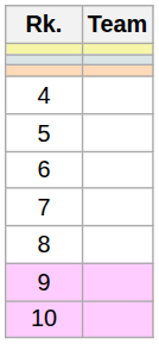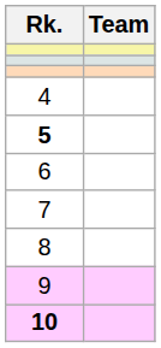 <table class="wikitable" style="border:1px solid #AAAAAA;font-size:90%">
 <tr bgcolor="#E4E4E4">
 <th style="border-bottom:1px solid #AAAAAA" width=40>Rk.</th>
 <th style="border-bottom:1px solid #AAAAAA">Team</th>
 </tr>
 <tr bgcolor="#F7F6A8">
 <td align="center"></td>
 <td></td>
 </tr>
 <tr bgcolor="#DCE5E5">
 <td align="center"></td>
 <td></td>
 </tr>
 <tr bgcolor="#FFDAB9">
 <td align="center"></td>
 <td></td>
 </tr>
 <tr style="background:#ffffff;">
 <td align="center">4</td>
 <td></td>
 </tr>
 <tr style="background:#ffffff;">
-<td align="center">5</td>
+<td align="center"><strong>5</strong></td>
 <td></td>
 </tr>
 <tr style="background:#ffffff;">
 <td align="center">6</td>
 <td></td>
 </tr>
 <tr style="background:#ffffff;">
 <td align="center">7</td>
 <td></td>
 </tr>
 <tr style="background:#ffffff;">
 <td align="center">8</td>
 <td></td>
 </tr>
 <tr style="background:#ffccff;">
 <td align="center">9</td>
 <td></td>
 </tr>
 <tr style="background:#ffccff;">
-<td align="center">10</td>
+<td align="center"><strong>10</strong></td>
 <td></td>
 </tr>
 </table>
